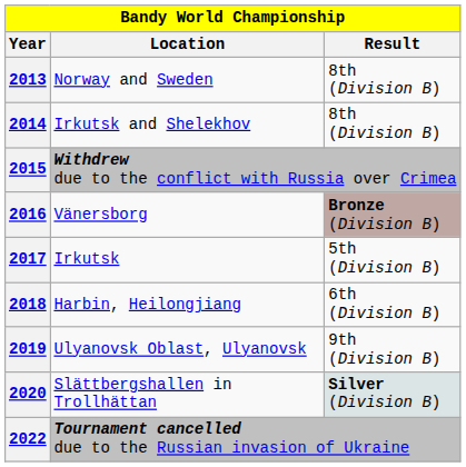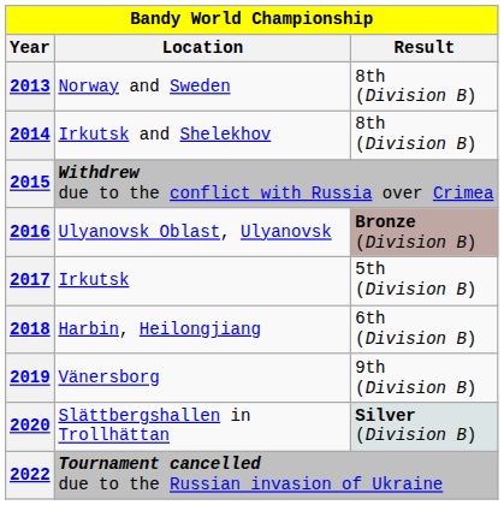 <table class="wikitable" style="text-align:left; font-size:90%;">
 <tr>
 <th colspan=3 style="background:yellow;">Bandy World Championship</th>
 </tr>
 <tr>
 <th>Year</th>
 <th width=200>Location</th>
 <th style="text-align:center">Result</th>
 </tr>
 <tr>
 <th><a href='#'>2013</a></th>
 <td> <a href='#'>Norway</a> and <a href='#'>Sweden</a></td>
 <td>8th <br>(<em>Division B</em>)</td>
 </tr>
 <tr>
 <th><a href='#'>2014</a></th>
 <td> <a href='#'>Irkutsk</a> and <a href='#'>Shelekhov</a></td>
 <td>8th <br>(<em>Division B</em>)</td>
 </tr>
 <tr>
 <th><a href='#'>2015</a></th>
 <td style="background:silver" colspan=2><strong><em>Withdrew</em></strong><br>due to the <a href='#'>conflict with Russia</a> over <a href='#'>Crimea</a></td>
 </tr>
 <tr>
 <th><a href='#'>2016</a></th>
-<td> <a href='#'>Vänersborg</a></td>
+<td> <a href='#'>Ulyanovsk Oblast</a>, <a href='#'>Ulyanovsk</a></td>
 <td style="background:#BFA7A3;"><strong>Bronze</strong><br>(<em>Division B</em>)</td>
 </tr>
 <tr>
 <th><a href='#'>2017</a></th>
 <td> <a href='#'>Irkutsk</a></td>
 <td>5th <br>(<em>Division B</em>)</td>
 </tr>
 <tr>
 <th><a href='#'>2018</a></th>
 <td> <a href='#'>Harbin</a>, <a href='#'>Heilongjiang</a></td>
 <td>6th <br>(<em>Division B</em>)</td>
 </tr>
 <tr>
 <th><a href='#'>2019</a></th>
-<td> <a href='#'>Ulyanovsk Oblast</a>, <a href='#'>Ulyanovsk</a></td>
+<td> <a href='#'>Vänersborg</a></td>
 <td>9th <br>(<em>Division B</em>)</td>
 </tr>
 <tr>
 <th><a href='#'>2020</a></th>
 <td> <a href='#'>Slättbergshallen</a> in <a href='#'>Trollhättan</a></td>
 <td style="background-color:#DCE5E5;"><strong>Silver</strong><br>(<em>Division B</em>)</td>
 </tr>
 <tr>
 <th><a href='#'>2022</a></th>
 <td style="background:silver" colspan=2><strong><em>Tournament cancelled</em></strong><br>due to the <a href='#'>Russian invasion of Ukraine</a></td>
 </tr>
 </table>
